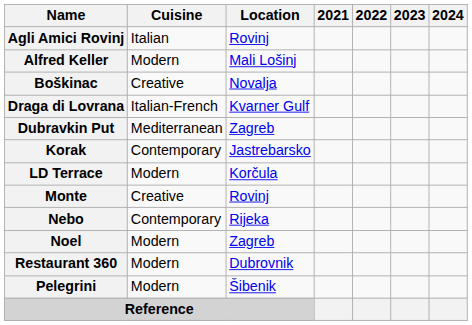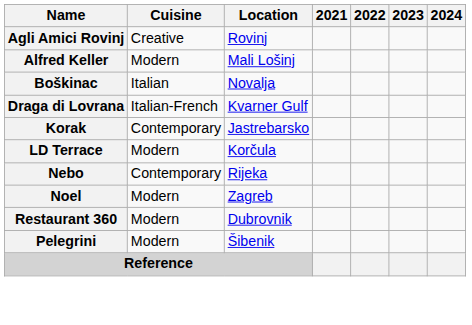 <table class="wikitable sortable plainrowheaders" style="text-align:left;"">
 <tr>
 <th scope="col">Name</th>
 <th scope="col">Cuisine</th>
 <th scope="col">Location</th>
 <th scope="col">2021</th>
 <th scope="col">2022</th>
 <th scope="col">2023</th>
 <th scope="col">2024</th>
 </tr>
 <tr>
 <th scope="row">Agli Amici Rovinj</th>
-<td>Italian</td>
+<td>Creative</td>
 <td><a href='#'>Rovinj</a></td>
 <td></td>
 <td></td>
 <td></td>
 <td></td>
 </tr>
 <tr>
 <th scope="row">Alfred Keller</th>
 <td>Modern</td>
 <td><a href='#'>Mali Lošinj</a></td>
 <td></td>
 <td></td>
 <td></td>
 <td></td>
 </tr>
 <tr>
 <th scope="row">Boškinac</th>
-<td>Creative</td>
+<td>Italian</td>
 <td><a href='#'>Novalja</a></td>
 <td></td>
 <td></td>
 <td></td>
 <td></td>
 </tr>
 <tr>
 <th scope="row">Draga di Lovrana</th>
 <td>Italian-French</td>
 <td><a href='#'>Kvarner Gulf</a></td>
-<td></td>
-<td></td>
-<td></td>
-<td></td>
-</tr>
-<tr>
-<th scope="row">Dubravkin Put</th>
-<td>Mediterranean</td>
-<td><a href='#'>Zagreb</a></td>
 <td></td>
 <td></td>
 <td></td>
 <td></td>
 </tr>
 <tr>
 <th scope="row">Korak</th>
 <td>Contemporary</td>
 <td><a href='#'>Jastrebarsko</a></td>
 <td></td>
 <td></td>
 <td></td>
 <td></td>
 </tr>
 <tr>
 <th scope="row">LD Terrace</th>
 <td>Modern</td>
 <td><a href='#'>Korčula</a></td>
-<td></td>
-<td></td>
-<td></td>
-<td></td>
-</tr>
-<tr>
-<th scope="row">Monte</th>
-<td>Creative</td>
-<td><a href='#'>Rovinj</a></td>
 <td></td>
 <td></td>
 <td></td>
 <td></td>
 </tr>
 <tr>
 <th scope="row">Nebo</th>
 <td>Contemporary</td>
 <td><a href='#'>Rijeka</a></td>
 <td></td>
 <td></td>
 <td></td>
 <td></td>
 </tr>
 <tr>
 <th scope="row">Noel</th>
 <td>Modern</td>
 <td><a href='#'>Zagreb</a></td>
 <td></td>
 <td></td>
 <td></td>
 <td></td>
 </tr>
 <tr>
 <th scope="row">Restaurant 360</th>
 <td>Modern</td>
 <td><a href='#'>Dubrovnik</a></td>
 <td></td>
 <td></td>
 <td></td>
 <td></td>
 </tr>
 <tr>
 <th scope="row">Pelegrini</th>
 <td>Modern</td>
 <td><a href='#'>Šibenik</a></td>
 <td></td>
 <td></td>
 <td></td>
 <td></td>
 </tr>
 <tr>
 <th colspan="3" style="text-align: center;background: lightgray;">Reference</th>
 <th></th>
 <th></th>
 <th></th>
 <th></th>
 </tr>
 </table>
